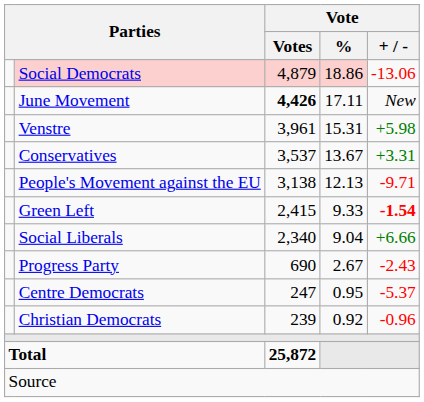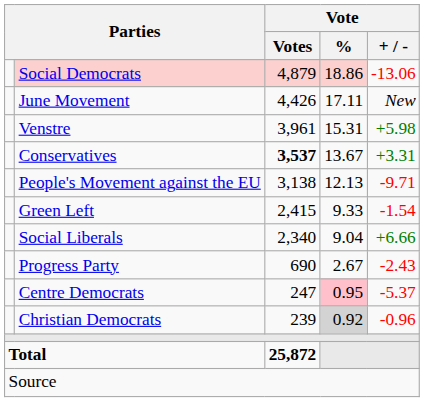 <table class="wikitable" style="text-align:right;">
 <tr>
 <th style="text-align:centre;" rowspan="2" colspan="2" width="225">Parties</th>
 <th colspan="3">Vote</th>
 </tr>
 <tr>
 <th width="15">Votes</th>
 <th width="15">%</th>
 <th width="15">+ / -</th>
 </tr>
 <tr>
 <td width="2" style="color:inherit;background:"></td>
 <td bgcolor=#fbd0ce   align="left"><a href='#'>Social Democrats</a></td>
 <td bgcolor=#fbd0ce>4,879</td>
 <td bgcolor=#fbd0ce>18.86</td>
 <td style=color:red;>-13.06</td>
 </tr>
 <tr>
 <td width="2" style="color:inherit;background:"></td>
 <td align="left"><a href='#'>June Movement</a></td>
-<td><strong>4,426</strong></td>
+<td>4,426</td>
 <td>17.11</td>
 <td><em>New</em></td>
 </tr>
 <tr>
 <td width="2" style="color:inherit;background:"></td>
 <td align="left"><a href='#'>Venstre</a></td>
 <td>3,961</td>
 <td>15.31</td>
 <td style=color:green;>+5.98</td>
 </tr>
 <tr>
 <td width="2" style="color:inherit;background:"></td>
 <td align="left"><a href='#'>Conservatives</a></td>
-<td>3,537</td>
+<td><strong>3,537</strong></td>
 <td>13.67</td>
 <td style=color:green;>+3.31</td>
 </tr>
 <tr>
 <td width="2" style="color:inherit;background:"></td>
 <td align="left"><a href='#'>People's Movement against the EU</a></td>
 <td>3,138</td>
 <td>12.13</td>
 <td style=color:red;>-9.71</td>
 </tr>
 <tr>
 <td width="2" style="color:inherit;background:"></td>
 <td align="left"><a href='#'>Green Left</a></td>
 <td>2,415</td>
 <td>9.33</td>
-<td style=color:red;><strong>-1.54</strong></td>
+<td style=color:red;>-1.54</td>
 </tr>
 <tr>
 <td width="2" style="color:inherit;background:"></td>
 <td align="left"><a href='#'>Social Liberals</a></td>
 <td>2,340</td>
 <td>9.04</td>
 <td style=color:green;>+6.66</td>
 </tr>
 <tr>
 <td width="2" style="color:inherit;background:"></td>
 <td align="left"><a href='#'>Progress Party</a></td>
 <td>690</td>
 <td>2.67</td>
 <td style=color:red;>-2.43</td>
 </tr>
 <tr>
 <td width="2" style="color:inherit;background:"></td>
 <td align="left"><a href='#'>Centre Democrats</a></td>
 <td>247</td>
-<td>0.95</td>
+<td style="background: pink;">0.95</td>
 <td style=color:red;>-5.37</td>
 </tr>
 <tr>
 <td width="2" style="color:inherit;background:"></td>
 <td align="left"><a href='#'>Christian Democrats</a></td>
 <td>239</td>
-<td>0.92</td>
+<td style="background: lightgrey;">0.92</td>
 <td style=color:red;>-0.96</td>
 </tr>
 <tr>
 <td colspan="7" bgcolor="#E9E9E9"></td>
 </tr>
 <tr>
 <td align="left" colspan="2"><strong>Total</strong></td>
 <td><strong>25,872</strong></td>
 <td bgcolor="#E9E9E9" colspan="2"></td>
 </tr>
 <tr>
 <td align="left" colspan="6">Source</td>
 </tr>
 </table>
